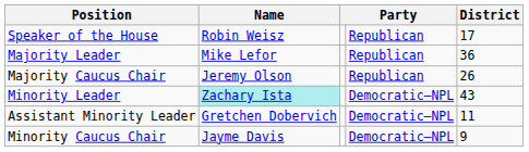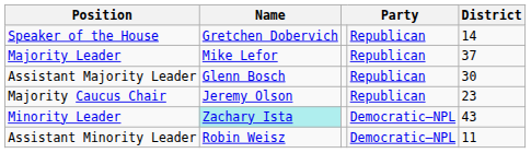 <table class=wikitable>
 <tr>
 <th>Position</th>
 <th>Name</th>
 <th colspan=2>Party</th>
 <th>District</th>
 </tr>
 <tr>
 <td><a href='#'>Speaker of the House</a></td>
-<td><a href='#'>Robin Weisz</a></td>
+<td><a href='#'>Gretchen Dobervich</a></td>
 <td style="background:"></td>
 <td><a href='#'>Republican</a></td>
-<td>17</td>
+<td>14</td>
 </tr>
 <tr>
 <td><a href='#'>Majority Leader</a></td>
 <td><a href='#'>Mike Lefor</a></td>
 <td style="background:"></td>
 <td><a href='#'>Republican</a></td>
-<td>36</td>
+<td>37</td>
+</tr>
+<tr>
+<td>Assistant Majority Leader</td>
+<td><a href='#'>Glenn Bosch</a></td>
+<td style="background:"></td>
+<td><a href='#'>Republican</a></td>
+<td>30</td>
 </tr>
 <tr>
 <td>Majority <a href='#'>Caucus Chair</a></td>
 <td><a href='#'>Jeremy Olson</a></td>
 <td style="background:"></td>
 <td><a href='#'>Republican</a></td>
-<td>26</td>
+<td>23</td>
 </tr>
 <tr>
 <td><a href='#'>Minority Leader</a></td>
 <td style="background: paleturquoise;"><a href='#'>Zachary Ista</a></td>
 <td style="background:"></td>
 <td><a href='#'>Democratic–NPL</a></td>
 <td>43</td>
 </tr>
 <tr>
 <td>Assistant Minority Leader</td>
-<td><a href='#'>Gretchen Dobervich</a></td>
+<td><a href='#'>Robin Weisz</a></td>
 <td style="background:"></td>
 <td><a href='#'>Democratic–NPL</a></td>
 <td>11</td>
 </tr>
-<tr>
-<td>Minority <a href='#'>Caucus Chair</a></td>
-<td><a href='#'>Jayme Davis</a></td>
-<td style="background:"></td>
-<td><a href='#'>Democratic–NPL</a></td>
-<td>9</td>
-</tr>
 </table>
